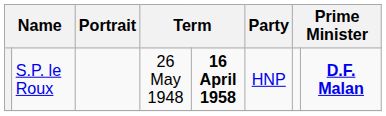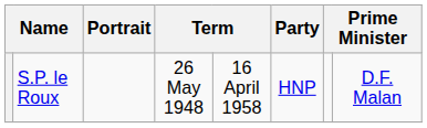 <table class="wikitable" width=60%>
 <tr>
 <th colspan=2 width=20%>Name</th>
 <th width=75>Portrait</th>
 <th colspan=2 width=30%>Term</th>
 <th width=10%>Party</th>
 <th colspan=2 width=25%>Prime Minister</th>
 </tr>
 <tr style="text-align:center">
 <th style="width:1%;background-color: "></th>
 <td align=left><a href='#'>S.P. le Roux</a></td>
 <td></td>
 <td>26 May 1948</td>
-<td><strong>16 April 1958</strong></td>
+<td>16 April 1958</td>
 <td><a href='#'>HNP</a></td>
 <td style="width:1%;background-color: "></td>
-<td><strong><a href='#'>D.F. Malan</a><br> </strong></td>
+<td><a href='#'>D.F. Malan</a><br> </td>
 </tr>
 <tr>
 </tr>
 </table>
